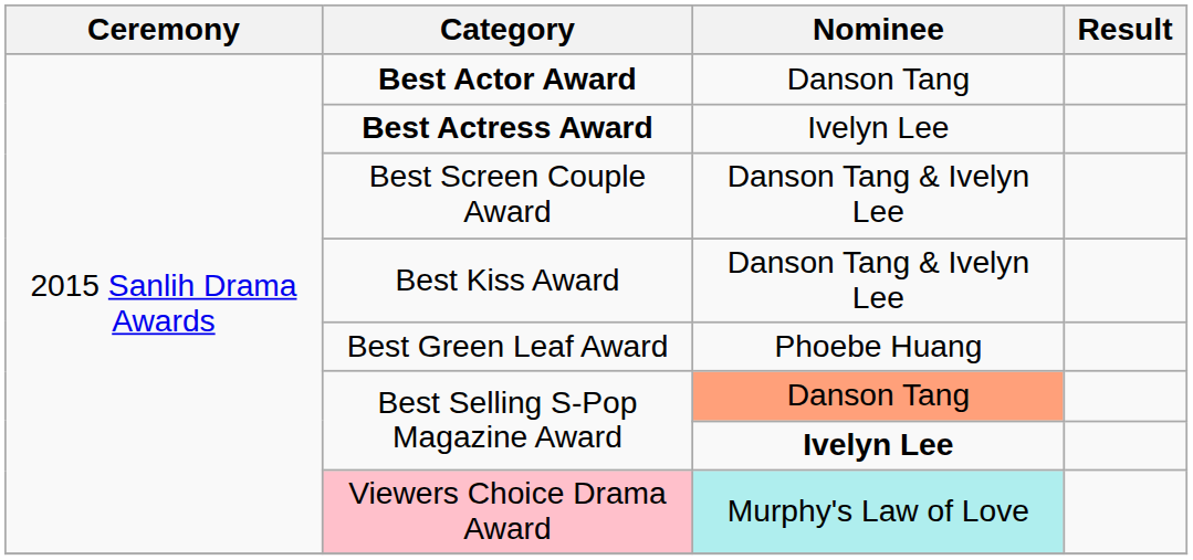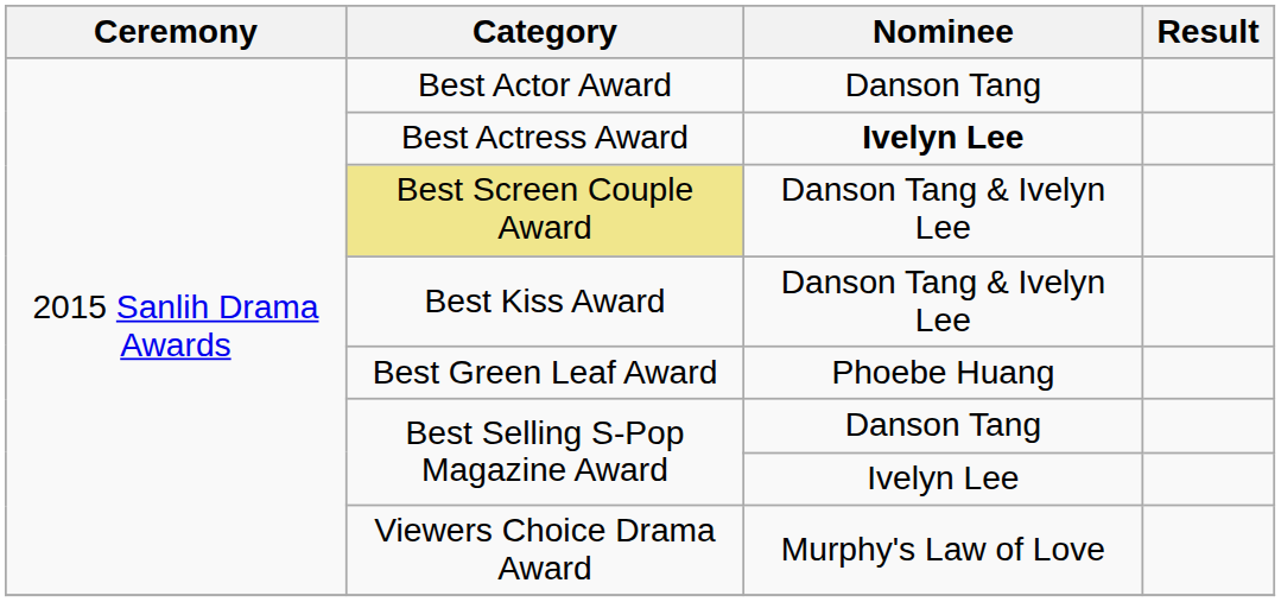 <table class="wikitable" style="text-align:center;">
 <tr>
 <th style="width:200px;">Ceremony</th>
 <th style="width:250px;">Category</th>
 <th style="width:250px;">Nominee</th>
 <th style="width:60px;">Result</th>
 </tr>
 <tr>
 <td rowspan=8>2015 <a href='#'>Sanlih Drama Awards</a></td>
-<td><strong>Best Actor Award</strong></td>
+<td>Best Actor Award</td>
 <td>Danson Tang</td>
 <td></td>
 </tr>
 <tr>
-<td><strong>Best Actress Award</strong></td>
-<td>Ivelyn Lee</td>
+<td>Best Actress Award</td>
+<td><strong>Ivelyn Lee</strong></td>
 <td></td>
 </tr>
 <tr>
-<td>Best Screen Couple Award</td>
+<td style="background: khaki;">Best Screen Couple Award</td>
 <td>Danson Tang & Ivelyn Lee</td>
 <td></td>
 </tr>
 <tr>
 <td>Best Kiss Award</td>
 <td>Danson Tang & Ivelyn Lee</td>
 <td></td>
 </tr>
 <tr>
 <td>Best Green Leaf Award</td>
 <td>Phoebe Huang</td>
 <td></td>
 </tr>
 <tr>
 <td rowspan=2>Best Selling S-Pop Magazine Award</td>
-<td style="background: lightsalmon;">Danson Tang</td>
+<td>Danson Tang</td>
 <td></td>
 </tr>
 <tr>
-<td><strong>Ivelyn Lee</strong></td>
+<td>Ivelyn Lee</td>
 <td></td>
 </tr>
 <tr>
-<td style="background: pink;">Viewers Choice Drama Award</td>
-<td style="background: paleturquoise;">Murphy's Law of Love</td>
+<td>Viewers Choice Drama Award</td>
+<td>Murphy's Law of Love</td>
 <td></td>
 </tr>
 <tr>
 </tr>
 </table>
